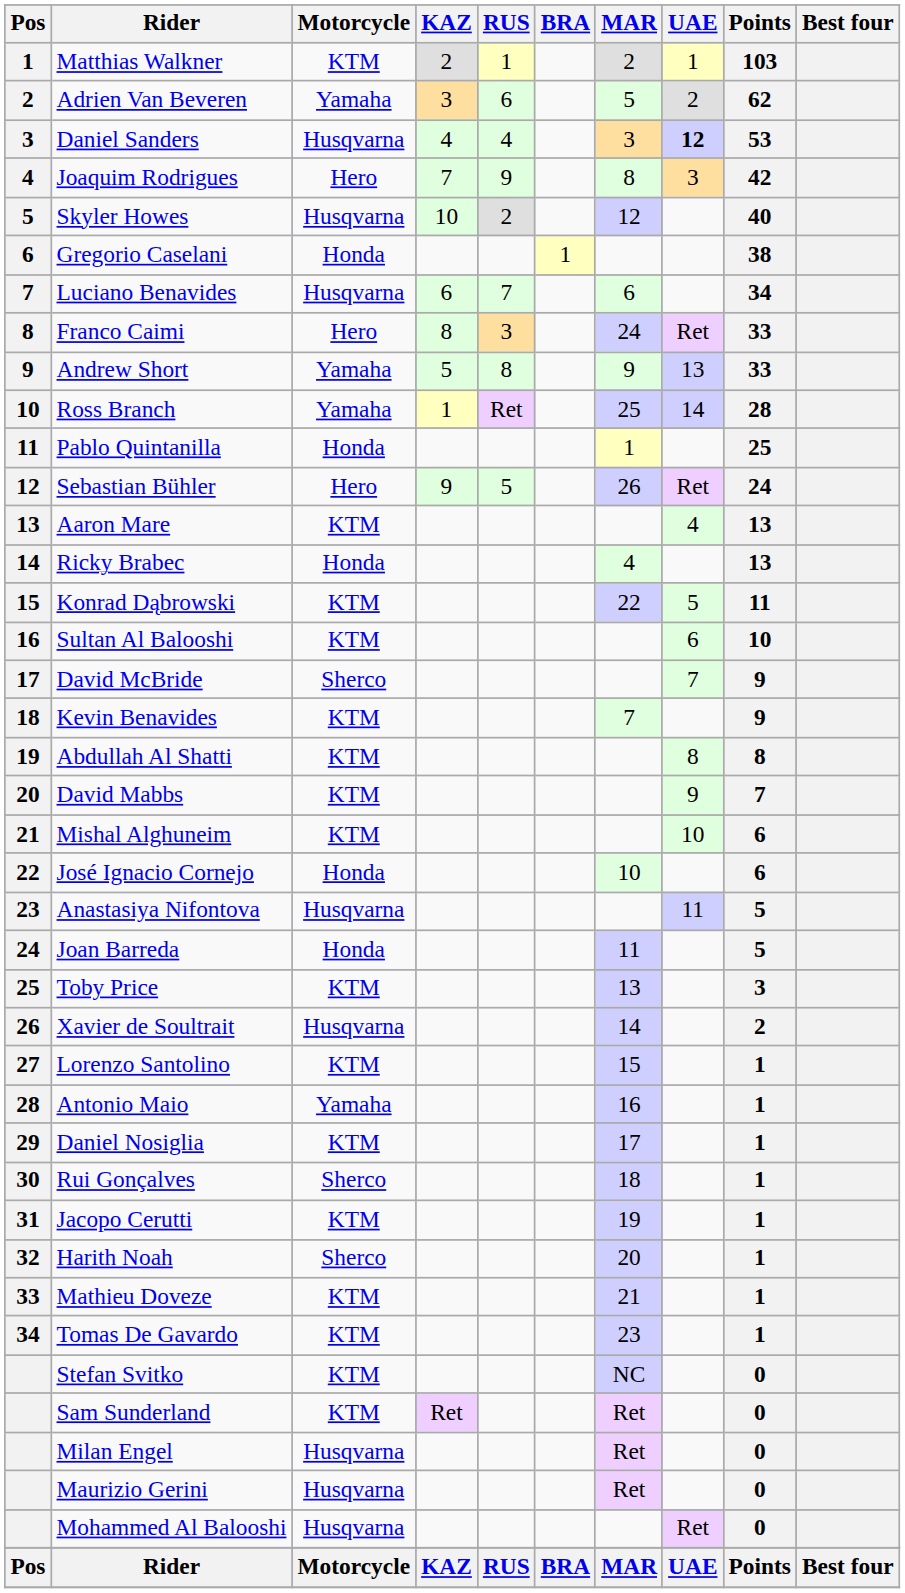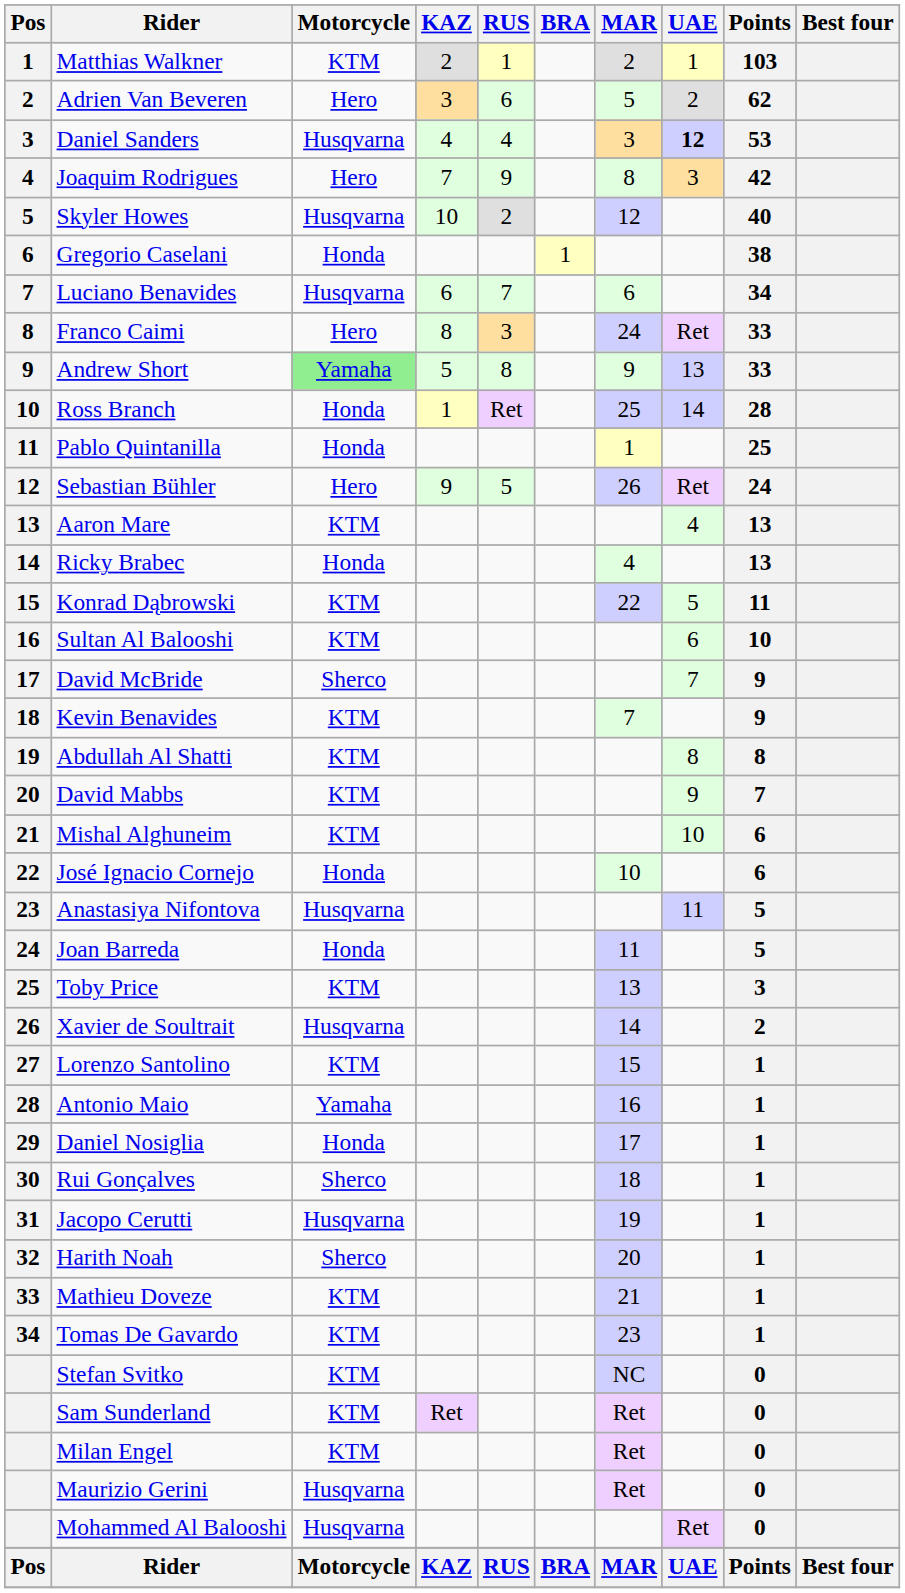 <table class="wikitable" style="font-size: 85%; text-align: center; display: inline-table;">
 <tr valign="top">
 <th valign="middle">Pos</th>
 <th valign="middle">Rider</th>
 <th valign="middle">Motorcycle</th>
 <th><a href='#'>KAZ</a><br></th>
 <th><a href='#'>RUS</a><br></th>
 <th><a href='#'>BRA</a><br></th>
 <th><a href='#'>MAR</a><br></th>
 <th><a href='#'>UAE</a><br></th>
 <th valign="middle">Points</th>
 <th valign="middle">Best four</th>
 </tr>
 <tr>
 <th>1</th>
 <td align=left> <a href='#'>Matthias Walkner</a></td>
 <td><a href='#'>KTM</a></td>
 <td style="background:#dfdfdf;">2</td>
 <td style="background:#ffffbf;">1</td>
 <td></td>
 <td style="background:#dfdfdf;">2</td>
 <td style="background:#ffffbf;">1</td>
 <th>103</th>
 <th></th>
 </tr>
 <tr>
 <th>2</th>
 <td align=left> <a href='#'>Adrien Van Beveren</a></td>
-<td><a href='#'>Yamaha</a></td>
+<td><a href='#'>Hero</a></td>
 <td style="background:#ffdf9f;">3</td>
 <td style="background:#dfffdf;">6</td>
 <td></td>
 <td style="background:#dfffdf;">5</td>
 <td style="background:#dfdfdf;">2</td>
 <th>62</th>
 <th></th>
 </tr>
 <tr>
 <th>3</th>
 <td align=left> <a href='#'>Daniel Sanders</a></td>
 <td><a href='#'>Husqvarna</a></td>
 <td style="background:#dfffdf;">4</td>
 <td style="background:#dfffdf;">4</td>
 <td></td>
 <td style="background:#ffdf9f;">3</td>
 <td style="background:#cfcfff;"><strong>12</strong></td>
 <th>53</th>
 <th></th>
 </tr>
 <tr>
 <th>4</th>
 <td align=left> <a href='#'>Joaquim Rodrigues</a></td>
 <td><a href='#'>Hero</a></td>
 <td style="background:#dfffdf;">7</td>
 <td style="background:#dfffdf;">9</td>
 <td></td>
 <td style="background:#dfffdf;">8</td>
 <td style="background:#ffdf9f;">3</td>
 <th>42</th>
 <th></th>
 </tr>
 <tr>
 <th>5</th>
 <td align=left> <a href='#'>Skyler Howes</a></td>
 <td><a href='#'>Husqvarna</a></td>
 <td style="background:#dfffdf;">10</td>
 <td style="background:#dfdfdf;">2</td>
 <td></td>
 <td style="background:#cfcfff;">12</td>
 <td></td>
 <th>40</th>
 <th></th>
 </tr>
 <tr>
 <th>6</th>
 <td align=left> <a href='#'>Gregorio Caselani</a></td>
 <td><a href='#'>Honda</a></td>
 <td></td>
 <td></td>
 <td style="background:#ffffbf;">1</td>
 <td></td>
 <td></td>
 <th>38</th>
 <th></th>
 </tr>
 <tr>
 <th>7</th>
 <td align=left> <a href='#'>Luciano Benavides</a></td>
 <td><a href='#'>Husqvarna</a></td>
 <td style="background:#dfffdf;">6</td>
 <td style="background:#dfffdf;">7</td>
 <td></td>
 <td style="background:#dfffdf;">6</td>
 <td></td>
 <th>34</th>
 <th></th>
 </tr>
 <tr>
 <th>8</th>
 <td align=left> <a href='#'>Franco Caimi</a></td>
 <td><a href='#'>Hero</a></td>
 <td style="background:#dfffdf;">8</td>
 <td style="background:#ffdf9f;">3</td>
 <td></td>
 <td style="background:#cfcfff;">24</td>
 <td style="background:#efcfff;">Ret</td>
 <th>33</th>
 <th></th>
 </tr>
 <tr>
 <th>9</th>
 <td align=left> <a href='#'>Andrew Short</a></td>
-<td><a href='#'>Yamaha</a></td>
+<td style="background: lightgreen;"><a href='#'>Yamaha</a></td>
 <td style="background:#dfffdf;">5</td>
 <td style="background:#dfffdf;">8</td>
 <td></td>
 <td style="background:#dfffdf;">9</td>
 <td style="background:#cfcfff;">13</td>
 <th>33</th>
 <th></th>
 </tr>
 <tr>
 <th>10</th>
 <td align=left> <a href='#'>Ross Branch</a></td>
-<td><a href='#'>Yamaha</a></td>
+<td><a href='#'>Honda</a></td>
 <td style="background:#ffffbf;">1</td>
 <td style="background:#efcfff;">Ret</td>
 <td></td>
 <td style="background:#cfcfff;">25</td>
 <td style="background:#cfcfff;">14</td>
 <th>28</th>
 <th></th>
 </tr>
 <tr>
 <th>11</th>
 <td align=left> <a href='#'>Pablo Quintanilla</a></td>
 <td><a href='#'>Honda</a></td>
 <td></td>
 <td></td>
 <td></td>
 <td style="background:#ffffbf;">1</td>
 <td></td>
 <th>25</th>
 <th></th>
 </tr>
 <tr>
 <th>12</th>
 <td align=left> <a href='#'>Sebastian Bühler</a></td>
 <td><a href='#'>Hero</a></td>
 <td style="background:#dfffdf;">9</td>
 <td style="background:#dfffdf;">5</td>
 <td></td>
 <td style="background:#cfcfff;">26</td>
 <td style="background:#efcfff;">Ret</td>
 <th>24</th>
 <th></th>
 </tr>
 <tr>
 <th>13</th>
 <td align=left> <a href='#'>Aaron Mare</a></td>
 <td><a href='#'>KTM</a></td>
 <td></td>
 <td></td>
 <td></td>
 <td></td>
 <td style="background:#dfffdf;">4</td>
 <th>13</th>
 <th></th>
 </tr>
 <tr>
 <th>14</th>
 <td align=left> <a href='#'>Ricky Brabec</a></td>
 <td><a href='#'>Honda</a></td>
 <td></td>
 <td></td>
 <td></td>
 <td style="background:#dfffdf;">4</td>
 <td></td>
 <th>13</th>
 <th></th>
 </tr>
 <tr>
 <th>15</th>
 <td align=left> <a href='#'>Konrad Dąbrowski</a></td>
 <td><a href='#'>KTM</a></td>
 <td></td>
 <td></td>
 <td></td>
 <td style="background:#cfcfff;">22</td>
 <td style="background:#dfffdf;">5</td>
 <th>11</th>
 <th></th>
 </tr>
 <tr>
 <th>16</th>
 <td align=left> <a href='#'>Sultan Al Balooshi</a></td>
 <td><a href='#'>KTM</a></td>
 <td></td>
 <td></td>
 <td></td>
 <td></td>
 <td style="background:#dfffdf;">6</td>
 <th>10</th>
 <th></th>
 </tr>
 <tr>
 <th>17</th>
 <td align=left> <a href='#'>David McBride</a></td>
 <td><a href='#'>Sherco</a></td>
 <td></td>
 <td></td>
 <td></td>
 <td></td>
 <td style="background:#dfffdf;">7</td>
 <th>9</th>
 <th></th>
 </tr>
 <tr>
 <th>18</th>
 <td align=left> <a href='#'>Kevin Benavides</a></td>
 <td><a href='#'>KTM</a></td>
 <td></td>
 <td></td>
 <td></td>
 <td style="background:#dfffdf;">7</td>
 <td></td>
 <th>9</th>
 <th></th>
 </tr>
 <tr>
 <th>19</th>
 <td align=left> <a href='#'>Abdullah Al Shatti</a></td>
 <td><a href='#'>KTM</a></td>
 <td></td>
 <td></td>
 <td></td>
 <td></td>
 <td style="background:#dfffdf;">8</td>
 <th>8</th>
 <th></th>
 </tr>
 <tr>
 <th>20</th>
 <td align=left> <a href='#'>David Mabbs</a></td>
 <td><a href='#'>KTM</a></td>
 <td></td>
 <td></td>
 <td></td>
 <td></td>
 <td style="background:#dfffdf;">9</td>
 <th>7</th>
 <th></th>
 </tr>
 <tr>
 <th>21</th>
 <td align=left> <a href='#'>Mishal Alghuneim</a></td>
 <td><a href='#'>KTM</a></td>
 <td></td>
 <td></td>
 <td></td>
 <td></td>
 <td style="background:#dfffdf;">10</td>
 <th>6</th>
 <th></th>
 </tr>
 <tr>
 <th>22</th>
 <td align=left> <a href='#'>José Ignacio Cornejo</a></td>
 <td><a href='#'>Honda</a></td>
 <td></td>
 <td></td>
 <td></td>
 <td style="background:#dfffdf;">10</td>
 <td></td>
 <th>6</th>
 <th></th>
 </tr>
 <tr>
 <th>23</th>
 <td align=left> <a href='#'>Anastasiya Nifontova</a></td>
 <td><a href='#'>Husqvarna</a></td>
 <td></td>
 <td></td>
 <td></td>
 <td></td>
 <td style="background:#cfcfff;">11</td>
 <th>5</th>
 <th></th>
 </tr>
 <tr>
 <th>24</th>
 <td align=left> <a href='#'>Joan Barreda</a></td>
 <td><a href='#'>Honda</a></td>
 <td></td>
 <td></td>
 <td></td>
 <td style="background:#cfcfff;">11</td>
 <td></td>
 <th>5</th>
 <th></th>
 </tr>
 <tr>
 <th>25</th>
 <td align=left> <a href='#'>Toby Price</a></td>
 <td><a href='#'>KTM</a></td>
 <td></td>
 <td></td>
 <td></td>
 <td style="background:#cfcfff;">13</td>
 <td></td>
 <th>3</th>
 <th></th>
 </tr>
 <tr>
 <th>26</th>
 <td align=left> <a href='#'>Xavier de Soultrait</a></td>
 <td><a href='#'>Husqvarna</a></td>
 <td></td>
 <td></td>
 <td></td>
 <td style="background:#cfcfff;">14</td>
 <td></td>
 <th>2</th>
 <th></th>
 </tr>
 <tr>
 <th>27</th>
 <td align=left> <a href='#'>Lorenzo Santolino</a></td>
 <td><a href='#'>KTM</a></td>
 <td></td>
 <td></td>
 <td></td>
 <td style="background:#cfcfff;">15</td>
 <td></td>
 <th>1</th>
 <th></th>
 </tr>
 <tr>
 <th>28</th>
 <td align=left> <a href='#'>Antonio Maio</a></td>
 <td><a href='#'>Yamaha</a></td>
 <td></td>
 <td></td>
 <td></td>
 <td style="background:#cfcfff;">16</td>
 <td></td>
 <th>1</th>
 <th></th>
 </tr>
 <tr>
 <th>29</th>
 <td align=left> <a href='#'>Daniel Nosiglia</a></td>
-<td><a href='#'>KTM</a></td>
+<td><a href='#'>Honda</a></td>
 <td></td>
 <td></td>
 <td></td>
 <td style="background:#cfcfff;">17</td>
 <td></td>
 <th>1</th>
 <th></th>
 </tr>
 <tr>
 <th>30</th>
 <td align=left> <a href='#'>Rui Gonçalves</a></td>
 <td><a href='#'>Sherco</a></td>
 <td></td>
 <td></td>
 <td></td>
 <td style="background:#cfcfff;">18</td>
 <td></td>
 <th>1</th>
 <th></th>
 </tr>
 <tr>
 <th>31</th>
 <td align=left> <a href='#'>Jacopo Cerutti</a></td>
-<td><a href='#'>KTM</a></td>
+<td><a href='#'>Husqvarna</a></td>
 <td></td>
 <td></td>
 <td></td>
 <td style="background:#cfcfff;">19</td>
 <td></td>
 <th>1</th>
 <th></th>
 </tr>
 <tr>
 <th>32</th>
 <td align=left> <a href='#'>Harith Noah</a></td>
 <td><a href='#'>Sherco</a></td>
 <td></td>
 <td></td>
 <td></td>
 <td style="background:#cfcfff;">20</td>
 <td></td>
 <th>1</th>
 <th></th>
 </tr>
 <tr>
 <th>33</th>
 <td align=left> <a href='#'>Mathieu Doveze</a></td>
 <td><a href='#'>KTM</a></td>
 <td></td>
 <td></td>
 <td></td>
 <td style="background:#cfcfff;">21</td>
 <td></td>
 <th>1</th>
 <th></th>
 </tr>
 <tr>
 <th>34</th>
 <td align=left> <a href='#'>Tomas De Gavardo</a></td>
 <td><a href='#'>KTM</a></td>
 <td></td>
 <td></td>
 <td></td>
 <td style="background:#cfcfff;">23</td>
 <td></td>
 <th>1</th>
 <th></th>
 </tr>
 <tr>
 <th></th>
 <td align=left> <a href='#'>Stefan Svitko</a></td>
 <td><a href='#'>KTM</a></td>
 <td></td>
 <td></td>
 <td></td>
 <td style="background:#cfcfff;">NC</td>
 <td></td>
 <th>0</th>
 <th></th>
 </tr>
 <tr>
 <th></th>
 <td align=left> <a href='#'>Sam Sunderland</a></td>
 <td><a href='#'>KTM</a></td>
 <td style="background:#efcfff;">Ret</td>
 <td></td>
 <td></td>
 <td style="background:#efcfff;">Ret</td>
 <td></td>
 <th>0</th>
 <th></th>
 </tr>
 <tr>
 <th></th>
 <td align=left> <a href='#'>Milan Engel</a></td>
-<td><a href='#'>Husqvarna</a></td>
+<td><a href='#'>KTM</a></td>
 <td></td>
 <td></td>
 <td></td>
 <td style="background:#efcfff;">Ret</td>
 <td></td>
 <th>0</th>
 <th></th>
 </tr>
 <tr>
 <th></th>
 <td align=left> <a href='#'>Maurizio Gerini</a></td>
 <td><a href='#'>Husqvarna</a></td>
 <td></td>
 <td></td>
 <td></td>
 <td style="background:#efcfff;">Ret</td>
 <td></td>
 <th>0</th>
 <th></th>
 </tr>
 <tr>
 <th></th>
 <td align=left> <a href='#'>Mohammed Al Balooshi</a></td>
 <td><a href='#'>Husqvarna</a></td>
 <td></td>
 <td></td>
 <td></td>
 <td></td>
 <td style="background:#efcfff;">Ret</td>
 <th>0</th>
 <th></th>
 </tr>
 <tr>
 </tr>
 <tr valign="top">
 <th valign="middle">Pos</th>
 <th valign="middle">Rider</th>
 <th valign="middle">Motorcycle</th>
 <th><a href='#'>KAZ</a><br></th>
 <th><a href='#'>RUS</a><br></th>
 <th><a href='#'>BRA</a><br></th>
 <th><a href='#'>MAR</a><br></th>
 <th><a href='#'>UAE</a><br></th>
 <th valign="middle">Points</th>
 <th valign="middle">Best four</th>
 </tr>
 <tr>
 </tr>
 </table>
